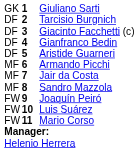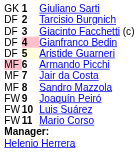 <table style="font-size:90%; margin:0.2em auto;" cellspacing="0" cellpadding="0">
 <tr>
 <th width="25"></th>
 <th width="25"></th>
 </tr>
 <tr>
 <td>GK</td>
 <td><strong>1</strong></td>
 <td> <a href='#'>Giuliano Sarti</a></td>
 </tr>
 <tr>
 <td>DF</td>
 <td><strong>2</strong></td>
 <td> <a href='#'>Tarcisio Burgnich</a></td>
 </tr>
 <tr>
 <td>DF</td>
 <td><strong>3</strong></td>
 <td> <a href='#'>Giacinto Facchetti</a> (c)</td>
 </tr>
 <tr>
 <td>DF</td>
-<td><strong>4</strong></td>
+<td style="background: pink;"><strong>4</strong></td>
 <td> <a href='#'>Gianfranco Bedin</a></td>
 </tr>
 <tr>
 <td>DF</td>
-<td><strong>5</strong></td>
+<td style="background: lightyellow;"><strong>5</strong></td>
 <td> <a href='#'>Aristide Guarneri</a></td>
 </tr>
 <tr>
-<td>MF</td>
+<td style="background: pink;">MF</td>
 <td><strong>6</strong></td>
 <td> <a href='#'>Armando Picchi</a></td>
 </tr>
 <tr>
 <td>MF</td>
 <td><strong>7</strong></td>
 <td> <a href='#'>Jair da Costa</a></td>
 </tr>
 <tr>
 <td>MF</td>
 <td><strong>8</strong></td>
 <td> <a href='#'>Sandro Mazzola</a></td>
 </tr>
 <tr>
 <td>FW</td>
 <td><strong>9</strong></td>
 <td> <a href='#'>Joaquín Peiró</a></td>
 </tr>
 <tr>
 <td>FW</td>
 <td><strong>10</strong></td>
 <td> <a href='#'>Luis Suárez</a></td>
 </tr>
 <tr>
 <td>FW</td>
 <td><strong>11</strong></td>
 <td> <a href='#'>Mario Corso</a></td>
 </tr>
 <tr>
 <td colspan=3><strong>Manager:</strong></td>
 </tr>
 <tr>
 <td colspan=4> <a href='#'>Helenio Herrera</a></td>
 </tr>
 </table>
